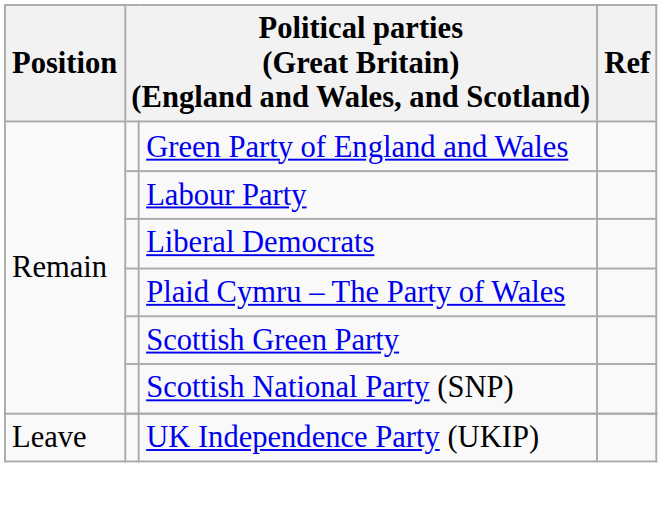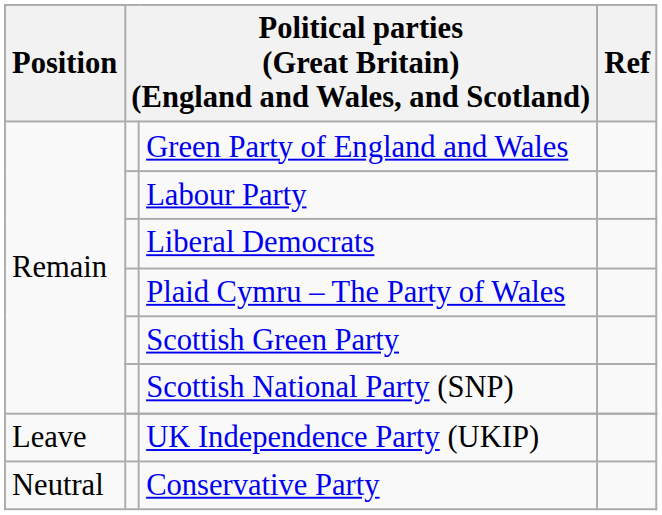 <table class="wikitable">
 <tr>
 <th>Position</th>
 <th colspan=2>Political parties<br>(Great Britain)<br>(England and Wales, and Scotland)</th>
 <th>Ref</th>
 </tr>
 <tr>
 <td rowspan="6">Remain</td>
 <td style="background-color: "></td>
 <td><a href='#'>Green Party of England and Wales</a></td>
 <td></td>
 </tr>
 <tr>
 <td style="background-color: "></td>
 <td><a href='#'>Labour Party</a></td>
 <td></td>
 </tr>
 <tr>
 <td style="background-color: "></td>
 <td><a href='#'>Liberal Democrats</a></td>
 <td></td>
 </tr>
 <tr>
 <td style="background-color: "></td>
 <td><a href='#'>Plaid Cymru – The Party of Wales</a></td>
 <td></td>
 </tr>
 <tr>
 <td style="background-color: "></td>
 <td><a href='#'>Scottish Green Party</a></td>
 <td></td>
 </tr>
 <tr>
 <td style="background-color: "></td>
 <td><a href='#'>Scottish National Party</a> (SNP)</td>
 <td></td>
 </tr>
 <tr>
 <td rowspan="2">Leave</td>
 </tr>
 <tr>
 <td style="background-color: "></td>
 <td><a href='#'>UK Independence Party</a> (UKIP)</td>
 <td></td>
 </tr>
+<tr>
+<td>Neutral</td>
+<td style="background-color: "></td>
+<td><a href='#'>Conservative Party</a></td>
+<td></td>
+</tr>
 </table>
